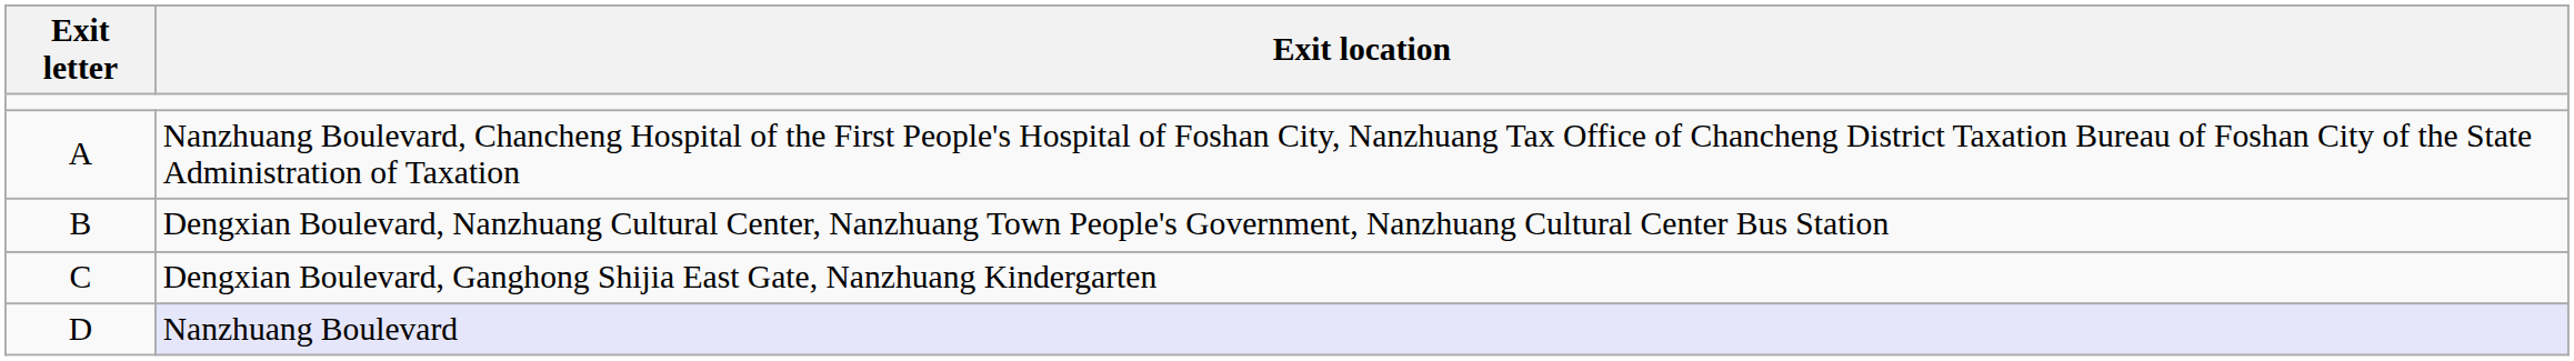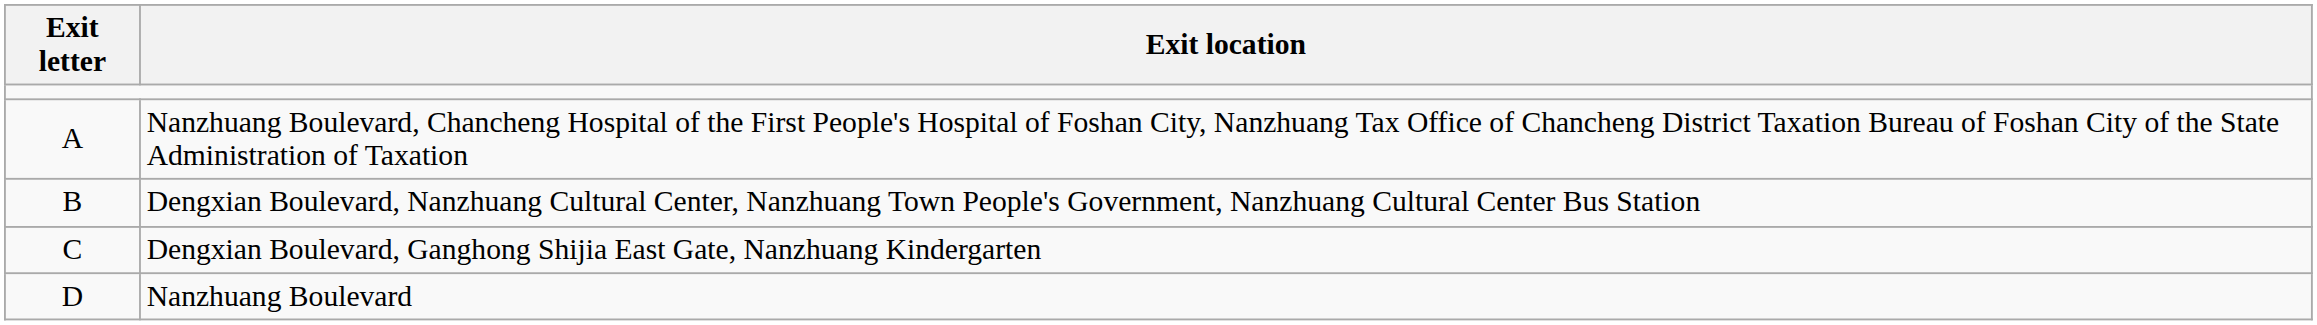 <table class="wikitable">
 <tr>
 <th colspan=2 style="width:70px">Exit letter</th>
 <th>Exit location</th>
 </tr>
 <tr style="background:#">
 <td colspan="4"></td>
 </tr>
 <tr>
 <td colspan=2 align=center>A</td>
 <td>Nanzhuang Boulevard, Chancheng Hospital of the First People's Hospital of Foshan City, Nanzhuang Tax Office of Chancheng District Taxation Bureau of Foshan City of the State Administration of Taxation</td>
 </tr>
 <tr>
 <td colspan=2 align=center>B</td>
 <td>Dengxian Boulevard, Nanzhuang Cultural Center, Nanzhuang Town People's Government, Nanzhuang Cultural Center Bus Station</td>
 </tr>
 <tr>
 <td colspan=2 align=center>C</td>
 <td>Dengxian Boulevard, Ganghong Shijia East Gate, Nanzhuang Kindergarten</td>
 </tr>
 <tr>
 <td colspan=2 align=center>D</td>
-<td style="background: lavender;">Nanzhuang Boulevard</td>
+<td>Nanzhuang Boulevard</td>
 </tr>
 </table>
